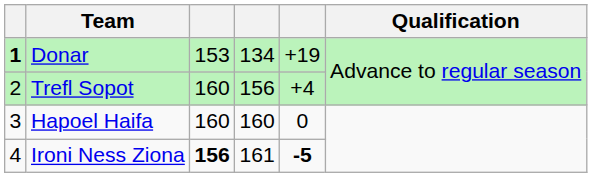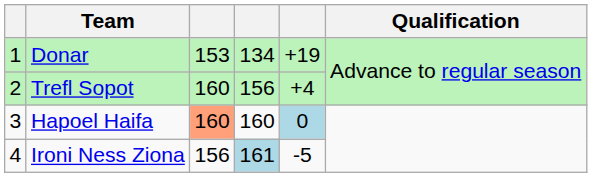 <table class="wikitable" style="text-align:center">
 <tr>
 <th></th>
 <th>Team</th>
 <th></th>
 <th></th>
 <th></th>
 <th>Qualification</th>
 </tr>
 <tr bgcolor="#BBF3BB">
-<td><strong>1</strong></td>
+<td>1</td>
 <td align="left"> <a href='#'>Donar</a></td>
 <td>153</td>
 <td>134</td>
 <td>+19</td>
 <td rowspan=2>Advance to <a href='#'>regular season</a></td>
 </tr>
 <tr bgcolor="#BBF3BB">
 <td>2</td>
 <td align="left"> <a href='#'>Trefl Sopot</a></td>
 <td>160</td>
 <td>156</td>
 <td>+4</td>
 </tr>
 <tr>
 <td>3</td>
 <td align="left"> <a href='#'>Hapoel Haifa</a></td>
+<td style="background: lightsalmon;">160</td>
 <td>160</td>
-<td>160</td>
-<td>0</td>
+<td style="background: lightblue;">0</td>
 <td rowspan=2></td>
 </tr>
 <tr>
 <td>4</td>
 <td align="left"> <a href='#'>Ironi Ness Ziona</a></td>
-<td><strong>156</strong></td>
-<td>161</td>
-<td><strong>-5</strong></td>
+<td>156</td>
+<td style="background: lightblue;">161</td>
+<td>-5</td>
 </tr>
 </table>
